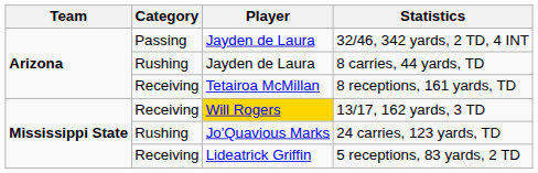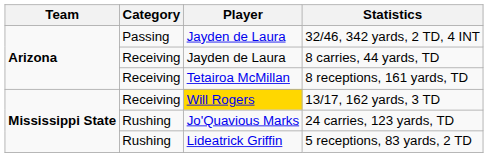 <table class="wikitable" style="float: right;">
 <tr>
 <th>Team</th>
 <th>Category</th>
 <th>Player</th>
 <th>Statistics</th>
 </tr>
 <tr>
 <td rowspan=3><strong>Arizona</strong></td>
 <td>Passing</td>
 <td><a href='#'>Jayden de Laura</a></td>
 <td>32/46, 342 yards, 2 TD, 4 INT</td>
 </tr>
 <tr>
-<td>Rushing</td>
+<td>Receiving</td>
 <td>Jayden de Laura</td>
 <td>8 carries, 44 yards, TD</td>
 </tr>
 <tr>
 <td>Receiving</td>
 <td><a href='#'>Tetairoa McMillan</a></td>
 <td>8 receptions, 161 yards, TD</td>
 </tr>
 <tr>
 <td rowspan=3><strong>Mississippi State</strong></td>
 <td>Receiving</td>
 <td style="background: gold;"><a href='#'>Will Rogers</a></td>
 <td>13/17, 162 yards, 3 TD</td>
 </tr>
 <tr>
 <td>Rushing</td>
 <td><a href='#'>Jo'Quavious Marks</a></td>
 <td>24 carries, 123 yards, TD</td>
 </tr>
 <tr>
-<td>Receiving</td>
+<td>Rushing</td>
 <td><a href='#'>Lideatrick Griffin</a></td>
 <td>5 receptions, 83 yards, 2 TD</td>
 </tr>
 </table>
